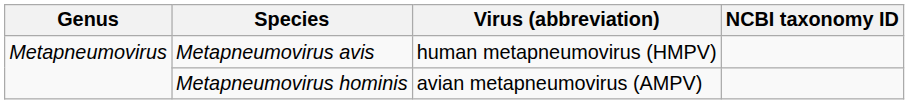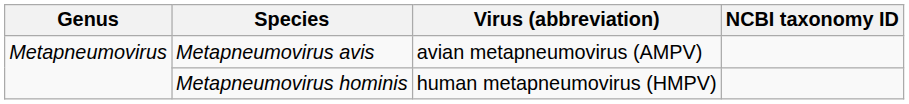 <table class="sortable wikitable">
 <tr>
 <th>Genus</th>
 <th>Species</th>
 <th>Virus (abbreviation)</th>
 <th>NCBI taxonomy ID</th>
 </tr>
 <tr style="vertical-align:top">
 <td rowspan="2"><em>Metapneumovirus</em></td>
 <td rowspan="1"><em>Metapneumovirus avis</em></td>
-<td rowspan="1">human metapneumovirus (HMPV)</td>
+<td rowspan="1">avian metapneumovirus (AMPV)</td>
 <td rowspan="1"></td>
 </tr>
 <tr style="vertical-align:top">
 <td rowspan="1"><em>Metapneumovirus hominis</em></td>
-<td rowspan="1">avian metapneumovirus (AMPV)</td>
+<td rowspan="1">human metapneumovirus (HMPV)</td>
 <td rowspan="1"></td>
 </tr>
 </table>
